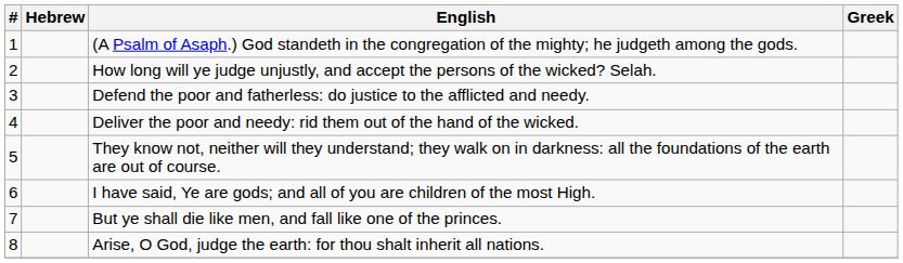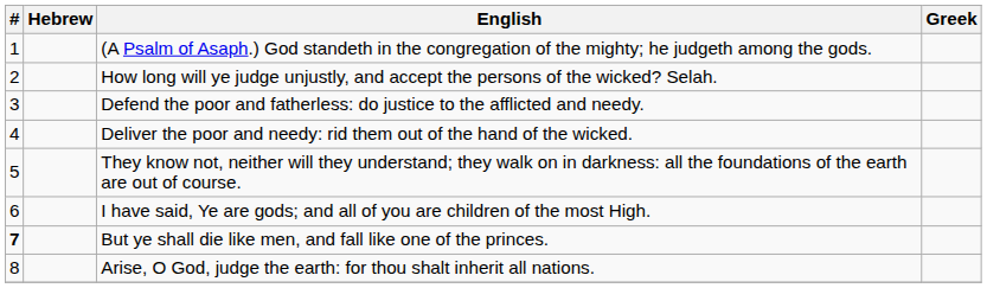 <table class=wikitable>
 <tr>
 <th>#</th>
 <th>Hebrew</th>
 <th>English</th>
 <th>Greek</th>
 </tr>
 <tr>
 <td style="text-align:right">1</td>
 <td style="text-align:right"></td>
 <td>(A <a href='#'>Psalm of Asaph</a>.) God standeth in the congregation of the mighty; he judgeth among the gods.</td>
 <td></td>
 </tr>
 <tr>
 <td style="text-align:right">2</td>
 <td style="text-align:right"></td>
 <td>How long will ye judge unjustly, and accept the persons of the wicked? Selah.</td>
 <td></td>
 </tr>
 <tr>
 <td style="text-align:right">3</td>
 <td style="text-align:right"></td>
 <td>Defend the poor and fatherless: do justice to the afflicted and needy.</td>
 <td></td>
 </tr>
 <tr>
 <td style="text-align:right">4</td>
 <td style="text-align:right"></td>
 <td>Deliver the poor and needy: rid them out of the hand of the wicked.</td>
 <td></td>
 </tr>
 <tr>
 <td style="text-align:right">5</td>
 <td style="text-align:right"></td>
 <td>They know not, neither will they understand; they walk on in darkness: all the foundations of the earth are out of course.</td>
 <td></td>
 </tr>
 <tr>
 <td style="text-align:right">6</td>
 <td style="text-align:right"></td>
 <td>I have said, Ye are gods; and all of you are children of the most High.</td>
 <td></td>
 </tr>
 <tr>
-<td style="text-align:right">7</td>
+<td style="text-align:right"><strong>7</strong></td>
 <td style="text-align:right"></td>
 <td>But ye shall die like men, and fall like one of the princes.</td>
 <td></td>
 </tr>
 <tr>
 <td style="text-align:right">8</td>
 <td style="text-align:right"></td>
 <td>Arise, O God, judge the earth: for thou shalt inherit all nations.</td>
 <td></td>
 </tr>
 <tr>
 </tr>
 </table>
